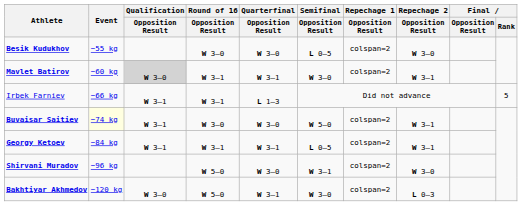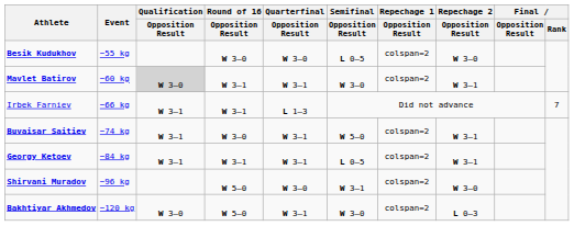 <table class="wikitable" style="font-size:90%">
 <tr>
 <th rowspan="2">Athlete</th>
 <th rowspan="2">Event</th>
 <th>Qualification</th>
 <th>Round of 16</th>
 <th>Quarterfinal</th>
 <th>Semifinal</th>
 <th>Repechage 1</th>
 <th>Repechage 2</th>
 <th colspan=2>Final / </th>
 </tr>
 <tr style="font-size: 95%">
 <th>Opposition<br>Result</th>
 <th>Opposition<br>Result</th>
 <th>Opposition<br>Result</th>
 <th>Opposition<br>Result</th>
 <th>Opposition<br>Result</th>
 <th>Opposition<br>Result</th>
 <th>Opposition<br>Result</th>
 <th>Rank</th>
 </tr>
 <tr align=center>
 <td align=left><strong><a href='#'>Besik Kudukhov</a></strong></td>
 <td align=left><a href='#'>−55 kg</a></td>
 <td></td>
 <td><br><strong>W</strong> 3–0 <sup></sup></td>
 <td><br><strong>W</strong> 3–0 <sup></sup></td>
 <td><br><strong>L</strong> 0–5 <sup></sup></td>
 <td>colspan=2 </td>
 <td><br><strong>W</strong> 3–0 <sup></sup></td>
 <td></td>
 </tr>
 <tr align=center>
 <td align=left><strong><a href='#'>Mavlet Batirov</a></strong></td>
 <td align=left><a href='#'>−60 kg</a></td>
 <td style="background: lightgrey;"><br><strong>W</strong> 3–0 <sup></sup></td>
 <td><br><strong>W</strong> 3–1 <sup></sup></td>
 <td><br><strong>W</strong> 3–1 <sup></sup></td>
 <td><br><strong>W</strong> 3–0 <sup></sup></td>
 <td>colspan=2 </td>
 <td><br><strong>W</strong> 3–1 <sup></sup></td>
 <td></td>
 </tr>
 <tr align=center>
 <td align=left><a href='#'>Irbek Farniev</a></td>
 <td align=left><a href='#'>−66 kg</a></td>
 <td><br><strong>W</strong> 3–1 <sup></sup></td>
 <td><br><strong>W</strong> 3–1 <sup></sup></td>
 <td><br><strong>L</strong> 1–3 <sup></sup></td>
 <td colspan=4>Did not advance</td>
-<td>5</td>
+<td>7</td>
 </tr>
 <tr align=center>
 <td align=left><strong><a href='#'>Buvaisar Saitiev</a></strong></td>
-<td align=left style="background: lightyellow;"><a href='#'>−74 kg</a></td>
+<td align=left><a href='#'>−74 kg</a></td>
 <td><br><strong>W</strong> 3–1 <sup></sup></td>
 <td><br><strong>W</strong> 3–0 <sup></sup></td>
-<td><br><strong>W</strong> 3–0 <sup></sup></td>
+<td><br><strong>W</strong> 3–1 <sup></sup></td>
 <td><br><strong>W</strong> 5–0 <sup></sup></td>
 <td>colspan=2 </td>
 <td><br><strong>W</strong> 3–1 <sup></sup></td>
 <td></td>
 </tr>
 <tr align=center>
 <td align=left><strong><a href='#'>Georgy Ketoev</a></strong></td>
 <td align=left><a href='#'>−84 kg</a></td>
 <td><br><strong>W</strong> 3–1 <sup></sup></td>
 <td><br><strong>W</strong> 3–1 <sup></sup></td>
 <td><br><strong>W</strong> 3–1 <sup></sup></td>
 <td><br><strong>L</strong> 0–5 <sup></sup></td>
 <td>colspan=2 </td>
 <td><br><strong>W</strong> 3–1 <sup></sup></td>
 <td></td>
 </tr>
 <tr align=center>
 <td align=left><strong><a href='#'>Shirvani Muradov</a></strong></td>
 <td align=left><a href='#'>−96 kg</a></td>
 <td></td>
 <td><br><strong>W</strong> 5–0 <sup></sup></td>
 <td><br><strong>W</strong> 3–0 <sup></sup></td>
 <td><br><strong>W</strong> 3–1 <sup></sup></td>
 <td>colspan=2 </td>
 <td><br><strong>W</strong> 3–0 <sup></sup></td>
 <td></td>
 </tr>
 <tr align=center>
 <td align=left><strong><a href='#'>Bakhtiyar Akhmedov</a></strong></td>
 <td align=left><a href='#'>−120 kg</a></td>
 <td><br><strong>W</strong> 3–0 <sup></sup></td>
 <td><br><strong>W</strong> 5–0 <sup></sup></td>
 <td><br><strong>W</strong> 3–1 <sup></sup></td>
 <td><br><strong>W</strong> 3–0 <sup></sup></td>
 <td>colspan=2 </td>
 <td><br><strong>L</strong> 0–3 <sup></sup></td>
 <td></td>
 </tr>
 </table>
